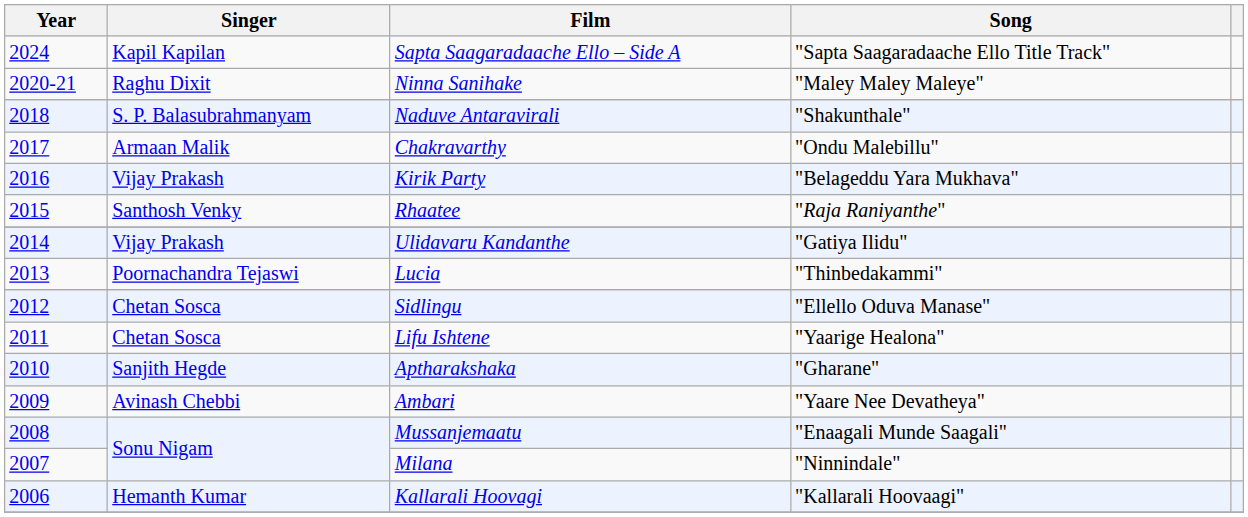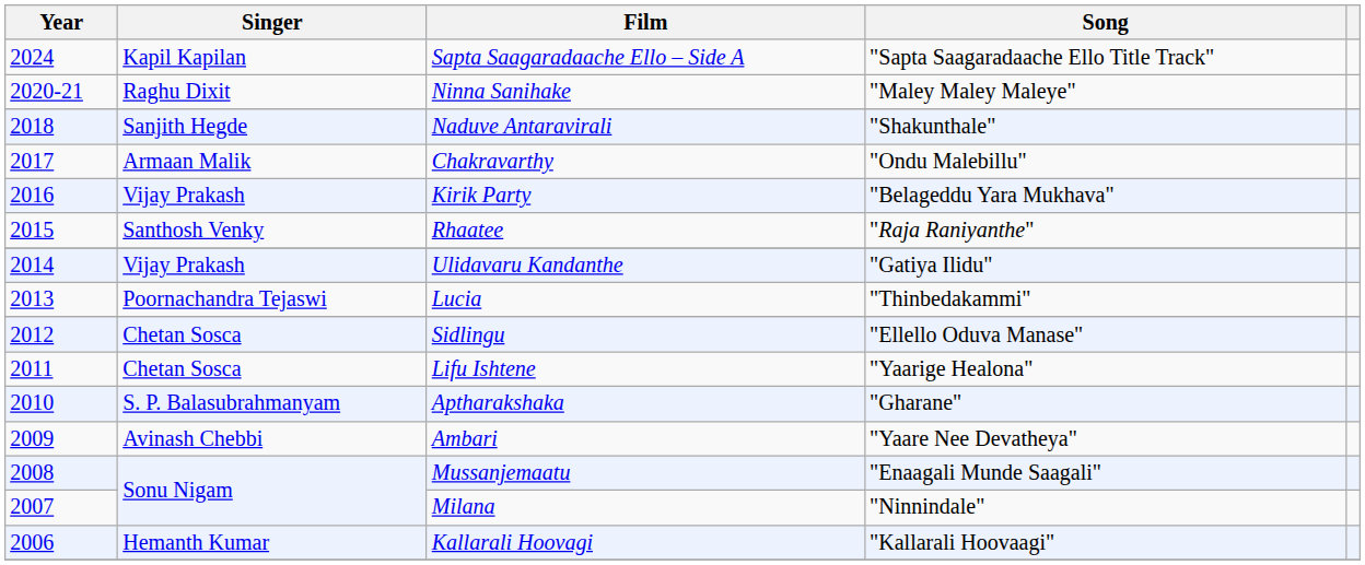 <table class="wikitable sortable" style="width:50%;">
 <tr style="background:#d1e4fd;">
 <th>Year</th>
 <th>Singer</th>
 <th>Film</th>
 <th>Song</th>
 <th class="unsortable"></th>
 </tr>
 <tr>
 <td><a href='#'>2024</a></td>
 <td><a href='#'>Kapil Kapilan</a></td>
 <td><em><a href='#'>Sapta Saagaradaache Ello – Side A</a></em></td>
 <td>"Sapta Saagaradaache Ello Title Track"</td>
 <td></td>
 </tr>
 <tr>
 <td><a href='#'>2020-21</a></td>
 <td><a href='#'>Raghu Dixit</a></td>
 <td><em><a href='#'>Ninna Sanihake</a></em></td>
 <td>"Maley Maley Maleye"</td>
 <td></td>
 </tr>
 <tr>
 </tr>
 <tr bgcolor="#edf3fe">
 <td><a href='#'>2018</a></td>
-<td><a href='#'>S. P. Balasubrahmanyam</a></td>
+<td><a href='#'>Sanjith Hegde</a></td>
 <td><em><a href='#'>Naduve Antaravirali</a></em></td>
 <td>"Shakunthale"</td>
 <td></td>
 </tr>
 <tr>
 <td><a href='#'>2017</a></td>
 <td><a href='#'>Armaan Malik</a></td>
 <td><em><a href='#'>Chakravarthy</a></em></td>
 <td>"Ondu Malebillu"</td>
 <td></td>
 </tr>
 <tr bgcolor="#edf3fe">
 <td><a href='#'>2016</a></td>
 <td><a href='#'>Vijay Prakash</a></td>
 <td><em><a href='#'>Kirik Party</a></em></td>
 <td>"Belageddu Yara Mukhava"</td>
 <td></td>
 </tr>
 <tr>
 <td><a href='#'>2015</a></td>
 <td><a href='#'>Santhosh Venky</a></td>
 <td><em><a href='#'>Rhaatee</a></em></td>
 <td>"<em>Raja Raniyanthe</em>"</td>
 <td></td>
 </tr>
 <tr>
 </tr>
 <tr bgcolor="#edf3fe">
 <td><a href='#'>2014</a></td>
 <td><a href='#'>Vijay Prakash</a></td>
 <td><em><a href='#'>Ulidavaru Kandanthe</a></em></td>
 <td>"Gatiya Ilidu"</td>
 <td></td>
 </tr>
 <tr>
 <td><a href='#'>2013</a></td>
 <td><a href='#'>Poornachandra Tejaswi</a></td>
 <td><em><a href='#'>Lucia</a></em></td>
 <td>"Thinbedakammi"</td>
 <td></td>
 </tr>
 <tr>
 </tr>
 <tr bgcolor="#edf3fe">
 <td><a href='#'>2012</a></td>
 <td><a href='#'>Chetan Sosca</a></td>
 <td><em><a href='#'>Sidlingu</a></em></td>
 <td>"Ellello Oduva Manase"</td>
 <td></td>
 </tr>
 <tr>
 <td><a href='#'>2011</a></td>
 <td><a href='#'>Chetan Sosca</a></td>
 <td><em><a href='#'>Lifu Ishtene</a></em></td>
 <td>"Yaarige Healona"</td>
 <td></td>
 </tr>
 <tr bgcolor=#edf3fe>
 <td><a href='#'>2010</a></td>
-<td><a href='#'>Sanjith Hegde</a></td>
+<td><a href='#'>S. P. Balasubrahmanyam</a></td>
 <td><em><a href='#'>Aptharakshaka</a></em></td>
 <td>"Gharane"</td>
 <td></td>
 </tr>
 <tr>
 <td><a href='#'>2009</a></td>
 <td><a href='#'>Avinash Chebbi</a></td>
 <td><em><a href='#'>Ambari</a></em></td>
 <td>"Yaare Nee Devatheya"</td>
 <td></td>
 </tr>
 <tr bgcolor=#edf3fe>
 <td><a href='#'>2008</a></td>
 <td rowspan="2"><a href='#'>Sonu Nigam</a></td>
 <td><em><a href='#'>Mussanjemaatu</a></em></td>
 <td>"Enaagali Munde Saagali"</td>
 <td></td>
 </tr>
 <tr>
 <td><a href='#'>2007</a></td>
 <td><em><a href='#'>Milana</a></em></td>
 <td>"Ninnindale"</td>
 <td></td>
 </tr>
 <tr bgcolor=#edf3fe>
 <td><a href='#'>2006</a></td>
 <td><a href='#'>Hemanth Kumar</a></td>
 <td><em><a href='#'>Kallarali Hoovagi</a></em></td>
 <td>"Kallarali Hoovaagi"</td>
 <td></td>
 </tr>
 <tr>
 </tr>
 </table>
